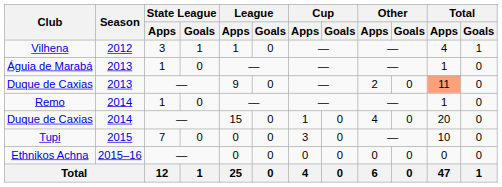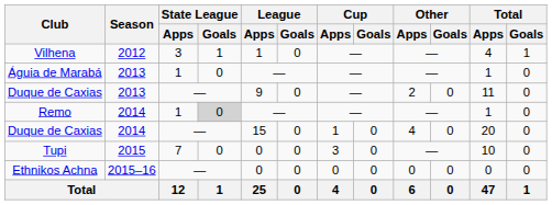 <table class="wikitable" style="text-align: center;">
 <tr>
 <th rowspan="2">Club</th>
 <th rowspan="2">Season</th>
 <th colspan="2">State League</th>
 <th colspan="2">League</th>
 <th colspan="2">Cup</th>
 <th colspan="2">Other</th>
 <th colspan="2">Total</th>
 </tr>
 <tr>
 <th>Apps</th>
 <th>Goals</th>
 <th>Apps</th>
 <th>Goals</th>
 <th>Apps</th>
 <th>Goals</th>
 <th>Apps</th>
 <th>Goals</th>
 <th>Apps</th>
 <th>Goals</th>
 </tr>
 <tr>
 <td valign="center"><a href='#'>Vilhena</a></td>
 <td><a href='#'>2012</a></td>
 <td>3</td>
 <td>1</td>
 <td>1</td>
 <td>0</td>
 <td colspan="2">—</td>
 <td colspan="2">—</td>
 <td>4</td>
 <td>1</td>
 </tr>
 <tr>
 <td valign="center"><a href='#'>Águia de Marabá</a></td>
 <td><a href='#'>2013</a></td>
 <td>1</td>
 <td>0</td>
 <td colspan="2">—</td>
 <td colspan="2">—</td>
 <td colspan="2">—</td>
 <td>1</td>
 <td>0</td>
 </tr>
 <tr>
 <td valign="center"><a href='#'>Duque de Caxias</a></td>
 <td><a href='#'>2013</a></td>
 <td colspan="2">—</td>
 <td>9</td>
 <td>0</td>
 <td colspan="2">—</td>
 <td>2</td>
 <td>0</td>
-<td style="background: lightsalmon;">11</td>
+<td>11</td>
 <td>0</td>
 </tr>
 <tr>
 <td valign="center"><a href='#'>Remo</a></td>
 <td><a href='#'>2014</a></td>
 <td>1</td>
-<td>0</td>
+<td style="background: lightgrey;">0</td>
 <td colspan="2">—</td>
 <td colspan="2">—</td>
 <td colspan="2">—</td>
 <td>1</td>
 <td>0</td>
 </tr>
 <tr>
 <td valign="center"><a href='#'>Duque de Caxias</a></td>
 <td><a href='#'>2014</a></td>
 <td colspan="2">—</td>
 <td>15</td>
 <td>0</td>
 <td>1</td>
 <td>0</td>
 <td>4</td>
 <td>0</td>
 <td>20</td>
 <td>0</td>
 </tr>
 <tr>
 <td valign="center"><a href='#'>Tupi</a></td>
 <td><a href='#'>2015</a></td>
 <td>7</td>
 <td>0</td>
 <td>0</td>
 <td>0</td>
 <td>3</td>
 <td>0</td>
 <td colspan="2">—</td>
 <td>10</td>
 <td>0</td>
 </tr>
 <tr>
 <td valign="center"><a href='#'>Ethnikos Achna</a></td>
 <td><a href='#'>2015–16</a></td>
 <td colspan="2">—</td>
 <td>0</td>
 <td>0</td>
 <td>0</td>
 <td>0</td>
 <td>0</td>
 <td>0</td>
 <td>0</td>
 <td>0</td>
 </tr>
 <tr>
 <th colspan="2"><strong>Total</strong></th>
 <th>12</th>
 <th>1</th>
 <th>25</th>
 <th>0</th>
 <th>4</th>
 <th>0</th>
 <th>6</th>
 <th>0</th>
 <th>47</th>
 <th>1</th>
 </tr>
 </table>
